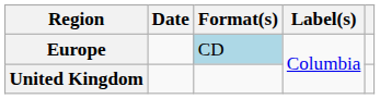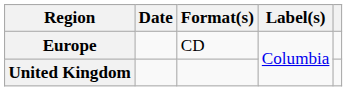 <table class="wikitable plainrowheaders">
 <tr>
 <th scope="col">Region</th>
 <th scope="col">Date</th>
 <th scope="col">Format(s)</th>
 <th scope="col">Label(s)</th>
 <th scope="col"></th>
 </tr>
 <tr>
 <th scope="row">Europe</th>
 <td></td>
-<td style="background: lightblue;">CD</td>
+<td>CD</td>
 <td rowspan="2"><a href='#'>Columbia</a></td>
 <td></td>
 </tr>
 <tr>
 <th scope="row">United Kingdom</th>
 <td></td>
 <td></td>
 <td></td>
 </tr>
 </table>
